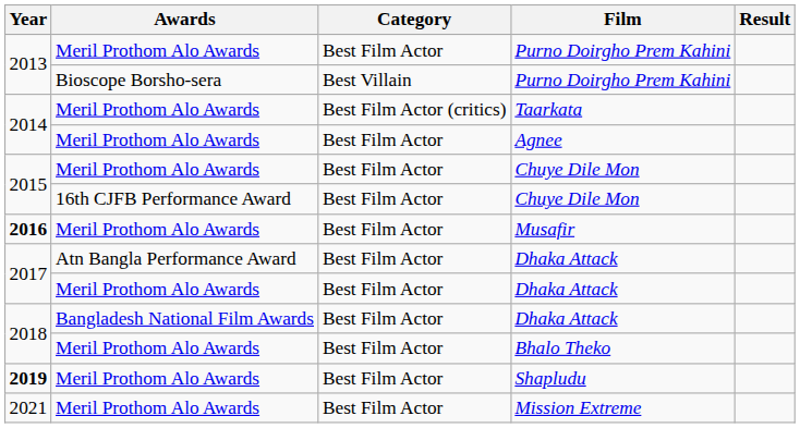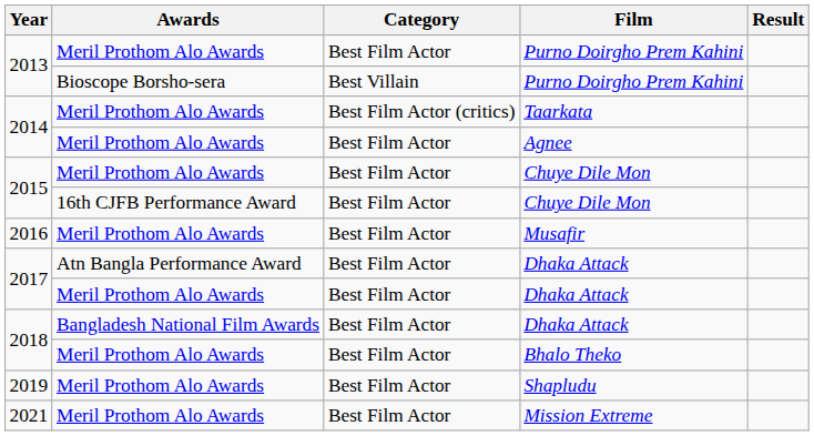 <table class="wikitable sortable">
 <tr>
 <th>Year</th>
 <th>Awards</th>
 <th>Category</th>
 <th>Film</th>
 <th>Result</th>
 </tr>
 <tr>
 <td rowspan="2">2013</td>
 <td><a href='#'>Meril Prothom Alo Awards</a></td>
 <td>Best Film Actor</td>
 <td><em><a href='#'>Purno Doirgho Prem Kahini</a></em></td>
 <td></td>
 </tr>
 <tr>
 <td>Bioscope Borsho-sera</td>
 <td>Best Villain</td>
 <td><em><a href='#'>Purno Doirgho Prem Kahini</a></em></td>
 <td></td>
 </tr>
 <tr>
 <td rowspan="2">2014</td>
 <td><a href='#'>Meril Prothom Alo Awards</a></td>
 <td>Best Film Actor (critics)</td>
 <td><em><a href='#'>Taarkata</a></em></td>
 <td></td>
 </tr>
 <tr>
 <td><a href='#'>Meril Prothom Alo Awards</a></td>
 <td>Best Film Actor</td>
 <td><em><a href='#'>Agnee</a></em></td>
 <td></td>
 </tr>
 <tr>
 <td rowspan="2">2015</td>
 <td><a href='#'>Meril Prothom Alo Awards</a></td>
 <td>Best Film Actor</td>
 <td><em><a href='#'>Chuye Dile Mon</a></em></td>
 <td></td>
 </tr>
 <tr>
 <td>16th CJFB Performance Award</td>
 <td>Best Film Actor</td>
 <td><em><a href='#'>Chuye Dile Mon</a></em></td>
 <td></td>
 </tr>
 <tr>
-<td rowspan="1"><strong>2016</strong></td>
+<td rowspan="1">2016</td>
 <td><a href='#'>Meril Prothom Alo Awards</a></td>
 <td>Best Film Actor</td>
 <td><em><a href='#'>Musafir</a></em></td>
 <td></td>
 </tr>
 <tr>
 <td rowspan="2">2017</td>
 <td>Atn Bangla Performance Award</td>
 <td>Best Film Actor</td>
 <td><em><a href='#'>Dhaka Attack</a></em></td>
 <td></td>
 </tr>
 <tr>
 <td><a href='#'>Meril Prothom Alo Awards</a></td>
 <td>Best Film Actor</td>
 <td><em><a href='#'>Dhaka Attack</a></em></td>
 <td></td>
 </tr>
 <tr>
 <td rowspan="2">2018</td>
 <td><a href='#'>Bangladesh National Film Awards</a></td>
 <td>Best Film Actor</td>
 <td><em><a href='#'>Dhaka Attack</a></em></td>
 <td></td>
 </tr>
 <tr>
 <td><a href='#'>Meril Prothom Alo Awards</a></td>
 <td>Best Film Actor</td>
 <td><em><a href='#'>Bhalo Theko</a></em></td>
 <td></td>
 </tr>
 <tr>
-<td rowspan="1"><strong>2019</strong></td>
+<td rowspan="1">2019</td>
 <td><a href='#'>Meril Prothom Alo Awards</a></td>
 <td>Best Film Actor</td>
 <td><em><a href='#'>Shapludu</a></em></td>
 <td></td>
 </tr>
 <tr>
 <td rowspan="1">2021</td>
 <td><a href='#'>Meril Prothom Alo Awards</a></td>
 <td>Best Film Actor</td>
 <td><em><a href='#'>Mission Extreme</a></em></td>
 <td></td>
 </tr>
 </table>
